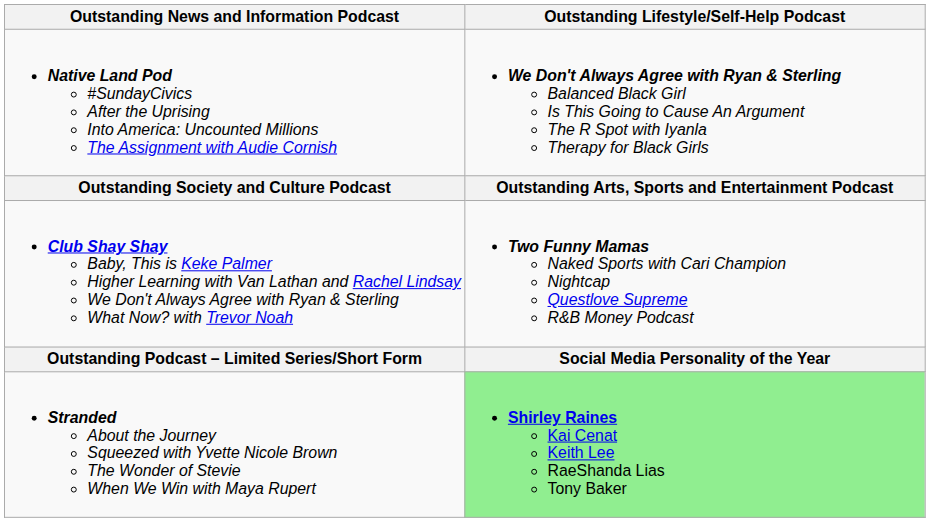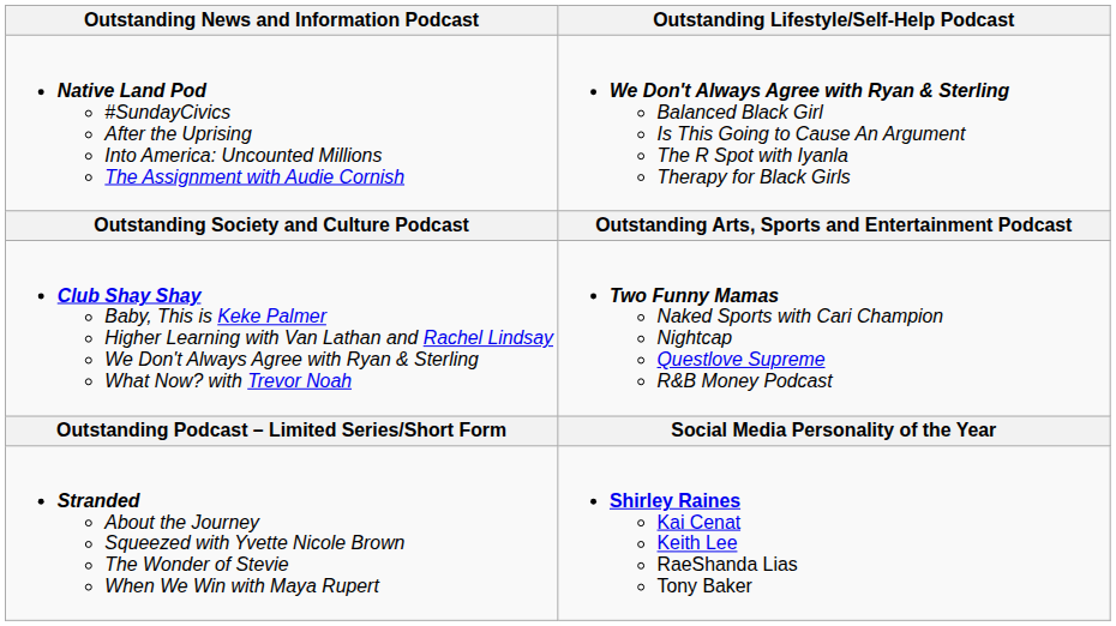 <table class="wikitable">
 <tr>
 <th style="width=50%">Outstanding News and Information Podcast</th>
 <th style="width=50%">Outstanding Lifestyle/Self-Help Podcast</th>
 </tr>
 <tr>
 <td width="50%" valign="top"><br><ul><li><strong><em>Native Land Pod</em></strong><ul><li><em>#SundayCivics</em></li><li><em>After the Uprising</em></li><li><em>Into America: Uncounted Millions</em></li><li><em><a href='#'>The Assignment with Audie Cornish</a></em></li></ul></li></ul></td>
 <td width="50%" valign="top"><br><ul><li><strong><em>We Don't Always Agree with Ryan & Sterling</em></strong><ul><li><em>Balanced Black Girl</em></li><li><em>Is This Going to Cause An Argument</em></li><li><em>The R Spot with Iyanla</em></li><li><em>Therapy for Black Girls</em></li></ul></li></ul></td>
 </tr>
 <tr>
 <th style="width=50%">Outstanding Society and Culture Podcast</th>
 <th style="width=50%">Outstanding Arts, Sports and Entertainment Podcast</th>
 </tr>
 <tr>
 <td width="50%" valign="top"><br><ul><li><strong><em><a href='#'>Club Shay Shay</a></em></strong><ul><li><em>Baby, This is <a href='#'>Keke Palmer</a></em></li><li><em>Higher Learning with Van Lathan and <a href='#'>Rachel Lindsay</a></em></li><li><em>We Don't Always Agree with Ryan & Sterling</em></li><li><em>What Now? with <a href='#'>Trevor Noah</a></em></li></ul></li></ul></td>
 <td width="50%" valign="top"><br><ul><li><strong><em>Two Funny Mamas</em></strong><ul><li><em>Naked Sports with Cari Champion</em></li><li><em>Nightcap</em></li><li><em><a href='#'>Questlove Supreme</a></em></li><li><em>R&B Money Podcast</em></li></ul></li></ul></td>
 </tr>
 <tr>
 <th style="width=50%">Outstanding Podcast – Limited Series/Short Form</th>
 <th style="width=50%">Social Media Personality of the Year</th>
 </tr>
 <tr>
 <td width="50%" valign="top"><br><ul><li><strong><em>Stranded</em></strong><ul><li><em>About the Journey</em></li><li><em>Squeezed with Yvette Nicole Brown</em></li><li><em>The Wonder of Stevie</em></li><li><em>When We Win with Maya Rupert</em></li></ul></li></ul></td>
-<td width="50%" valign="top" style="background: lightgreen;"><br><ul><li><strong><a href='#'>Shirley Raines</a></strong><ul><li><a href='#'>Kai Cenat</a></li><li><a href='#'>Keith Lee</a></li><li>RaeShanda Lias</li><li>Tony Baker</li></ul></li></ul></td>
+<td width="50%" valign="top"><br><ul><li><strong><a href='#'>Shirley Raines</a></strong><ul><li><a href='#'>Kai Cenat</a></li><li><a href='#'>Keith Lee</a></li><li>RaeShanda Lias</li><li>Tony Baker</li></ul></li></ul></td>
 </tr>
 </table>
